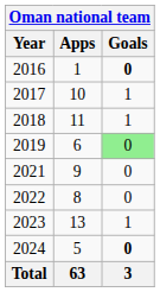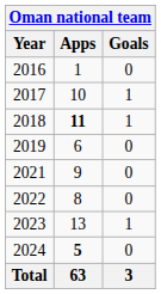 <table class="wikitable" style="text-align:center">
 <tr>
 <th colspan=3><a href='#'>Oman national team</a></th>
 </tr>
 <tr>
 <th>Year</th>
 <th>Apps</th>
 <th>Goals</th>
 </tr>
 <tr>
 <td>2016</td>
 <td>1</td>
-<td><strong>0</strong></td>
+<td>0</td>
 </tr>
 <tr>
 <td>2017</td>
 <td>10</td>
 <td>1</td>
 </tr>
 <tr>
 <td>2018</td>
-<td>11</td>
+<td><strong>11</strong></td>
 <td>1</td>
 </tr>
 <tr>
 <td>2019</td>
 <td>6</td>
-<td style="background: lightgreen;">0</td>
+<td>0</td>
 </tr>
 <tr>
 <td>2021</td>
 <td>9</td>
 <td>0</td>
 </tr>
 <tr>
 <td>2022</td>
 <td>8</td>
 <td>0</td>
 </tr>
 <tr>
 <td>2023</td>
 <td>13</td>
 <td>1</td>
 </tr>
 <tr>
 <td>2024</td>
-<td>5</td>
-<td><strong>0</strong></td>
+<td><strong>5</strong></td>
+<td>0</td>
 </tr>
 <tr>
 <th>Total</th>
 <th>63</th>
 <th>3</th>
 </tr>
 </table>
